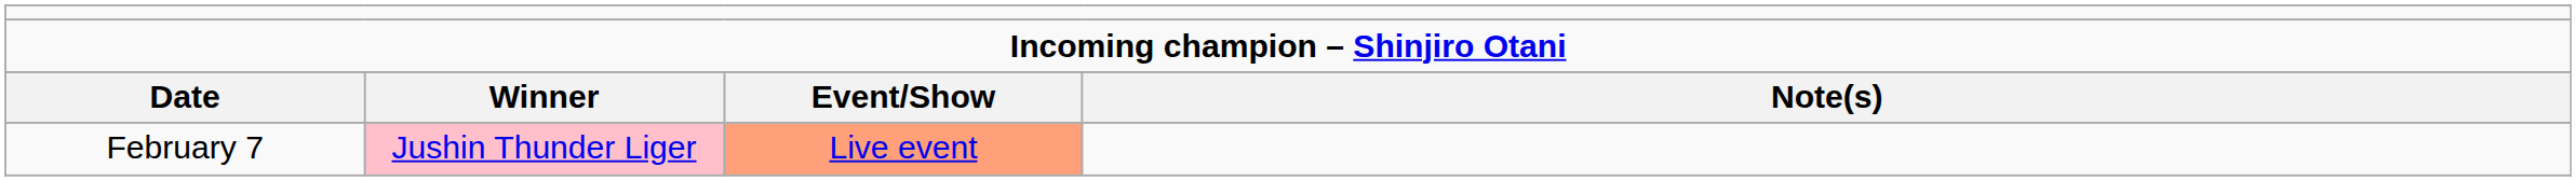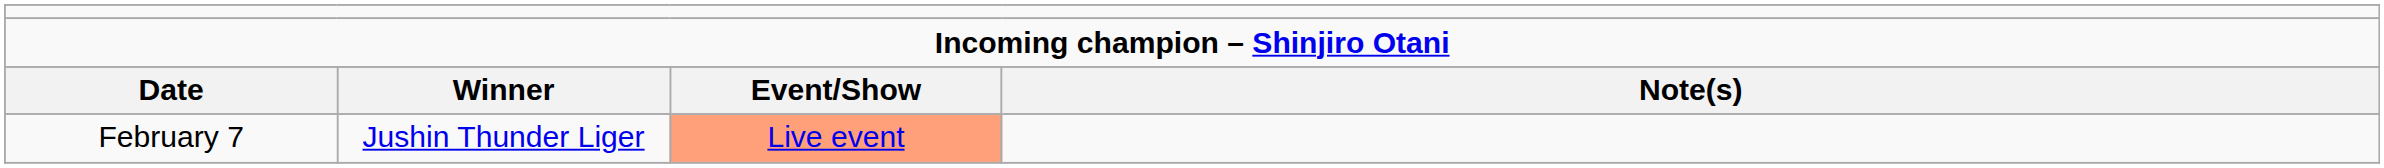 <table class="wikitable" style="text-align:center; width:100%;">
 <tr>
 <td colspan="5"></td>
 </tr>
 <tr>
 <td colspan="5"><strong>Incoming champion – <a href='#'>Shinjiro Otani</a></strong></td>
 </tr>
 <tr>
 <th width=14%>Date</th>
 <th width=14%>Winner</th>
 <th width=14%>Event/Show</th>
 <th width=58%>Note(s)</th>
 </tr>
 <tr>
 <td>February 7</td>
-<td style="background: pink;"><a href='#'>Jushin Thunder Liger</a></td>
+<td><a href='#'>Jushin Thunder Liger</a></td>
 <td style="background: lightsalmon;"><a href='#'>Live event</a></td>
 <td align="left"></td>
 </tr>
 </table>
